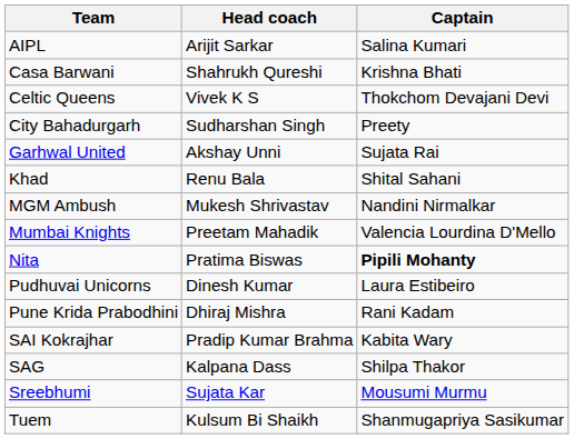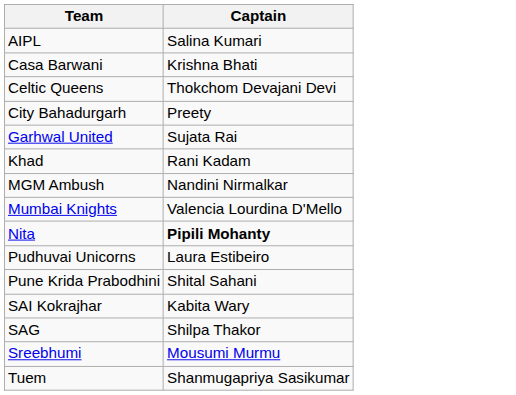 <table class="wikitable sortable" style="text-align: left">
 <tr>
 <th scope=col>Team</th>
-<th scope=col>Head coach</th>
 <th scope=col>Captain</th>
 </tr>
 <tr>
 <td>AIPL</td>
-<td> Arijit Sarkar</td>
 <td> Salina Kumari</td>
 </tr>
 <tr>
 <td>Casa Barwani</td>
-<td> Shahrukh Qureshi</td>
 <td> Krishna Bhati</td>
 </tr>
 <tr>
 <td>Celtic Queens</td>
-<td> Vivek K S</td>
 <td> Thokchom Devajani Devi</td>
 </tr>
 <tr>
 <td>City Bahadurgarh</td>
-<td> Sudharshan Singh</td>
 <td> Preety</td>
 </tr>
 <tr>
 <td><a href='#'>Garhwal United</a></td>
-<td> Akshay Unni</td>
 <td> Sujata Rai</td>
 </tr>
 <tr>
 <td>Khad</td>
-<td> Renu Bala</td>
-<td> Shital Sahani</td>
+<td> Rani Kadam</td>
 </tr>
 <tr>
 <td>MGM Ambush</td>
-<td> Mukesh Shrivastav</td>
 <td> Nandini Nirmalkar</td>
 </tr>
 <tr>
 <td><a href='#'>Mumbai Knights</a></td>
-<td> Preetam Mahadik</td>
 <td> Valencia Lourdina D'Mello</td>
 </tr>
 <tr>
 <td><a href='#'>Nita</a></td>
-<td> Pratima Biswas</td>
 <td><strong> Pipili Mohanty</strong></td>
 </tr>
 <tr>
 <td>Pudhuvai Unicorns</td>
-<td> Dinesh Kumar</td>
 <td> Laura Estibeiro</td>
 </tr>
 <tr>
 <td>Pune Krida Prabodhini</td>
-<td> Dhiraj Mishra</td>
-<td> Rani Kadam</td>
+<td> Shital Sahani</td>
 </tr>
 <tr>
 <td>SAI Kokrajhar</td>
-<td> Pradip Kumar Brahma</td>
 <td> Kabita Wary</td>
 </tr>
 <tr>
 <td>SAG</td>
-<td> Kalpana Dass</td>
 <td> Shilpa Thakor</td>
 </tr>
 <tr>
 <td><a href='#'>Sreebhumi</a></td>
-<td> <a href='#'>Sujata Kar</a></td>
 <td> <a href='#'>Mousumi Murmu</a></td>
 </tr>
 <tr>
 <td>Tuem</td>
-<td> Kulsum Bi Shaikh</td>
 <td> Shanmugapriya Sasikumar</td>
 </tr>
 </table>
